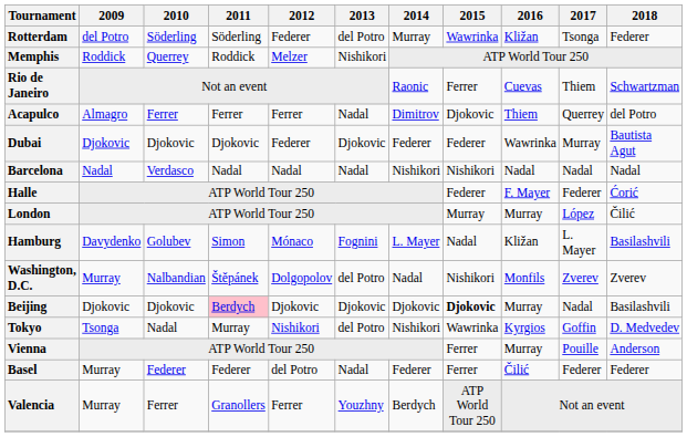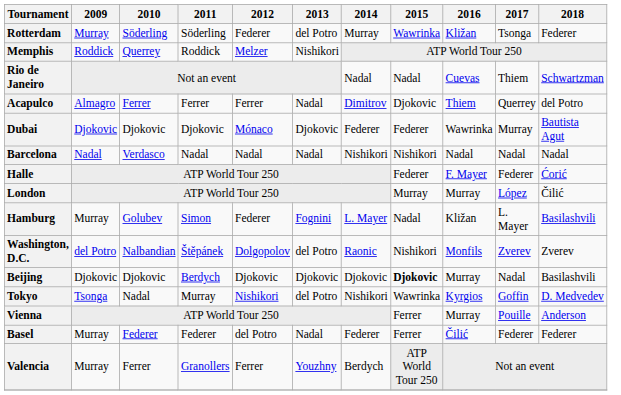 <table class="wikitable nowrap plainrowheaders" style="font-size:90%;">
 <tr bgcolor="#ececec">
 <th>Tournament</th>
 <th>2009</th>
 <th>2010</th>
 <th>2011</th>
 <th>2012</th>
 <th>2013</th>
 <th>2014</th>
 <th>2015</th>
 <th>2016</th>
 <th>2017</th>
 <th>2018</th>
 </tr>
 <tr>
 <th style="text-align: left;">Rotterdam</th>
-<td> <a href='#'>del Potro</a></td>
+<td> <a href='#'>Murray</a></td>
 <td>  <a href='#'>Söderling</a></td>
 <td>  Söderling</td>
 <td>  Federer</td>
 <td>  del Potro</td>
 <td>  Murray</td>
 <td>  <a href='#'>Wawrinka</a></td>
 <td>  <a href='#'>Kližan</a></td>
 <td>  Tsonga</td>
 <td>  Federer</td>
 </tr>
 <tr>
 <th style="text-align: left;">Memphis</th>
 <td> <a href='#'>Roddick</a></td>
 <td>  <a href='#'>Querrey</a></td>
 <td>  Roddick</td>
 <td>  <a href='#'>Melzer</a></td>
 <td>  Nishikori</td>
 <td bgcolor=#ececec align=center colspan=6><span>ATP World Tour 250</span></td>
 </tr>
 <tr>
 <th style="text-align: left;">Rio de Janeiro</th>
 <td bgcolor=#ececec colspan=5 align=center><span> Not an event </span></td>
-<td>  <a href='#'>Raonic</a></td>
-<td>  Ferrer</td>
+<td>  Nadal</td>
+<td>  Nadal</td>
 <td>  <a href='#'>Cuevas</a></td>
 <td>  Thiem</td>
 <td>  <a href='#'>Schwartzman</a></td>
 </tr>
 <tr>
 <th style="text-align: left;">Acapulco</th>
 <td> <a href='#'>Almagro</a></td>
 <td>  <a href='#'>Ferrer</a></td>
 <td>  Ferrer</td>
 <td>  Ferrer</td>
 <td>  Nadal</td>
 <td> <a href='#'>Dimitrov</a></td>
 <td>  Djokovic</td>
 <td>  <a href='#'>Thiem</a></td>
 <td>  Querrey</td>
 <td>  del Potro</td>
 </tr>
 <tr>
 <th style="text-align: left;">Dubai</th>
 <td> <a href='#'>Djokovic</a></td>
 <td>  Djokovic</td>
 <td>  Djokovic</td>
-<td>  Federer</td>
+<td>  <a href='#'>Mónaco</a></td>
 <td>  Djokovic</td>
 <td> Federer</td>
 <td>  Federer</td>
 <td>  Wawrinka</td>
 <td>  Murray</td>
 <td>  <a href='#'>Bautista Agut</a></td>
 </tr>
 <tr>
 <th style="text-align: left;">Barcelona</th>
 <td> <a href='#'>Nadal</a></td>
 <td>  <a href='#'>Verdasco</a></td>
 <td>  Nadal</td>
 <td>  Nadal</td>
 <td>  Nadal</td>
 <td>  Nishikori</td>
 <td>  Nishikori</td>
 <td>  Nadal</td>
 <td>  Nadal</td>
 <td>  Nadal</td>
 </tr>
 <tr>
 <th style="text-align: left;">Halle</th>
 <td bgcolor=#ececec colspan=6 align=center><span> ATP World Tour 250</span></td>
 <td>  Federer</td>
 <td>  <a href='#'>F. Mayer</a></td>
 <td>  Federer</td>
 <td>  <a href='#'>Ćorić</a></td>
 </tr>
 <tr>
 <th style="text-align: left;">London</th>
 <td bgcolor=#ececec colspan=6 align=center><span> ATP World Tour 250</span></td>
 <td>  Murray</td>
 <td>  Murray</td>
 <td>  <a href='#'>López</a></td>
 <td>  Čilić</td>
 </tr>
 <tr>
 <th style="text-align: left;">Hamburg</th>
-<td> <a href='#'>Davydenko</a></td>
+<td> Murray</td>
 <td>  <a href='#'>Golubev</a></td>
 <td>  <a href='#'>Simon</a></td>
-<td>  <a href='#'>Mónaco</a></td>
+<td>  Federer</td>
 <td>  <a href='#'>Fognini</a></td>
 <td>  <a href='#'>L. Mayer</a></td>
 <td>  Nadal</td>
 <td>  Kližan</td>
 <td>  L. Mayer</td>
 <td>  <a href='#'>Basilashvili</a></td>
 </tr>
 <tr>
 <th style="text-align: left;">Washington, D.C.</th>
-<td> <a href='#'>Murray</a></td>
+<td> <a href='#'>del Potro</a></td>
 <td>  <a href='#'>Nalbandian</a></td>
 <td>  <a href='#'>Štěpánek</a></td>
 <td>  <a href='#'>Dolgopolov</a></td>
 <td>  del Potro</td>
-<td>  Nadal</td>
+<td>  <a href='#'>Raonic</a></td>
 <td>  Nishikori</td>
 <td>  <a href='#'>Monfils</a></td>
 <td>  <a href='#'>Zverev</a></td>
 <td>  Zverev</td>
 </tr>
 <tr>
 <th style="text-align: left;">Beijing</th>
 <td> Djokovic</td>
 <td>  Djokovic</td>
-<td style="background: pink;">  <a href='#'>Berdych</a></td>
+<td>  <a href='#'>Berdych</a></td>
 <td>  Djokovic</td>
 <td>  Djokovic</td>
 <td>  Djokovic</td>
 <td><strong>  Djokovic</strong></td>
 <td>  Murray</td>
 <td>  Nadal</td>
 <td>  Basilashvili</td>
 </tr>
 <tr>
 <th style="text-align: left;">Tokyo</th>
 <td> <a href='#'>Tsonga</a></td>
 <td>  Nadal</td>
 <td>  Murray</td>
 <td>  <a href='#'>Nishikori</a></td>
 <td>  del Potro</td>
 <td>  Nishikori</td>
 <td>  Wawrinka</td>
 <td>  <a href='#'>Kyrgios</a></td>
 <td>  <a href='#'>Goffin</a></td>
 <td>  <a href='#'>D. Medvedev</a></td>
 </tr>
 <tr>
 <th style="text-align: left;">Vienna</th>
 <td bgcolor=#ececec colspan=6 align=center><span> ATP World Tour 250</span></td>
 <td>  Ferrer</td>
 <td>  Murray</td>
 <td>  <a href='#'>Pouille</a></td>
 <td>  <a href='#'>Anderson</a></td>
 </tr>
 <tr>
 <th style="text-align: left;">Basel</th>
 <td> Murray</td>
 <td>  <a href='#'>Federer</a></td>
 <td>  Federer</td>
 <td>  del Potro</td>
 <td>  Nadal</td>
 <td> Federer</td>
 <td>  Ferrer</td>
 <td>  <a href='#'>Čilić</a></td>
 <td>  Federer</td>
 <td>  Federer</td>
 </tr>
 <tr>
 <th style="text-align: left;">Valencia</th>
 <td> Murray</td>
 <td>  Ferrer</td>
 <td>  <a href='#'>Granollers</a></td>
 <td>  Ferrer</td>
 <td>  <a href='#'>Youzhny</a></td>
 <td> Berdych</td>
 <td bgcolor=#ececec align=center colspan=1><span>ATP World Tour 250</span></td>
 <td bgcolor="#ececec" align="center" colspan=4><span>Not an event</span></td>
 </tr>
 <tr>
 </tr>
 </table>
